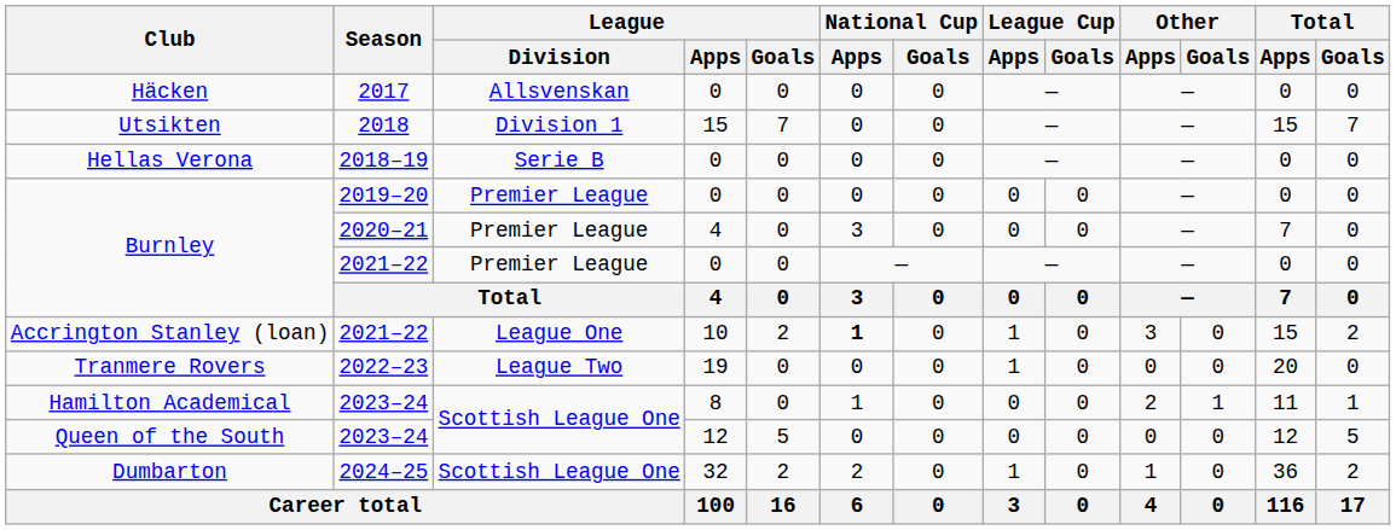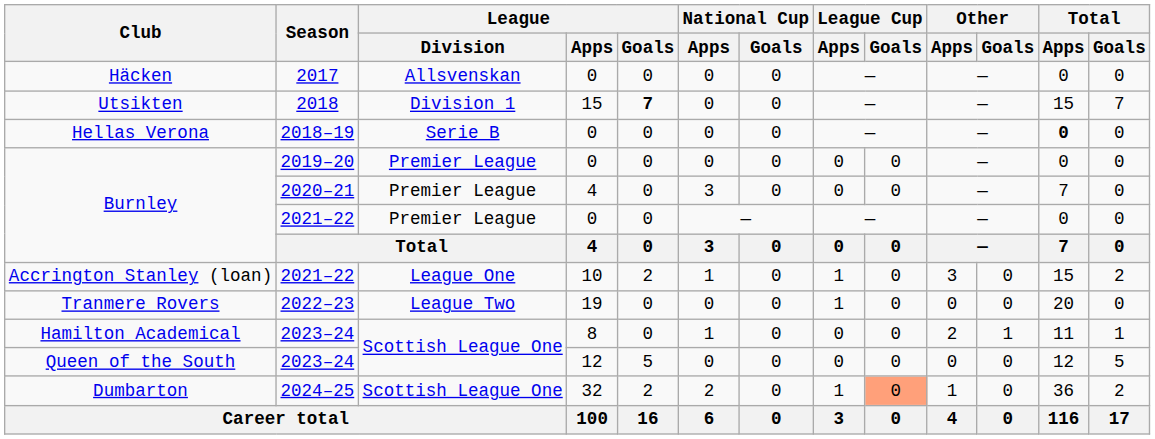 <table class="wikitable" style="text-align:center">
 <tr>
 <th rowspan="2">Club</th>
 <th rowspan="2">Season</th>
 <th colspan="3">League</th>
 <th colspan="2">National Cup</th>
 <th colspan="2">League Cup</th>
 <th colspan="2">Other</th>
 <th colspan="2">Total</th>
 </tr>
 <tr>
 <th>Division</th>
 <th>Apps</th>
 <th>Goals</th>
 <th>Apps</th>
 <th>Goals</th>
 <th>Apps</th>
 <th>Goals</th>
 <th>Apps</th>
 <th>Goals</th>
 <th>Apps</th>
 <th>Goals</th>
 </tr>
 <tr>
 <td><a href='#'>Häcken</a></td>
 <td><a href='#'>2017</a></td>
 <td><a href='#'>Allsvenskan</a></td>
 <td>0</td>
 <td>0</td>
 <td>0</td>
 <td>0</td>
 <td colspan="2">—</td>
 <td colspan="2">—</td>
 <td>0</td>
 <td>0</td>
 </tr>
 <tr>
 <td><a href='#'>Utsikten</a></td>
 <td><a href='#'>2018</a></td>
 <td><a href='#'>Division 1</a></td>
 <td>15</td>
-<td>7</td>
+<td><strong>7</strong></td>
 <td>0</td>
 <td>0</td>
 <td colspan=2>—</td>
 <td colspan="2">—</td>
 <td>15</td>
 <td>7</td>
 </tr>
 <tr>
 <td><a href='#'>Hellas Verona</a></td>
 <td><a href='#'>2018–19</a></td>
 <td><a href='#'>Serie B</a></td>
 <td>0</td>
 <td>0</td>
 <td>0</td>
 <td>0</td>
 <td colspan="2">—</td>
 <td colspan="2">—</td>
-<td>0</td>
+<td><strong>0</strong></td>
 <td>0</td>
 </tr>
 <tr>
 <td rowspan="4"><a href='#'>Burnley</a></td>
 <td><a href='#'>2019–20</a></td>
 <td><a href='#'>Premier League</a></td>
 <td>0</td>
 <td>0</td>
 <td>0</td>
 <td>0</td>
 <td>0</td>
 <td>0</td>
 <td colspan="2">—</td>
 <td>0</td>
 <td>0</td>
 </tr>
 <tr>
 <td><a href='#'>2020–21</a></td>
 <td>Premier League</td>
 <td>4</td>
 <td>0</td>
 <td>3</td>
 <td>0</td>
 <td>0</td>
 <td>0</td>
 <td colspan="2">—</td>
 <td>7</td>
 <td>0</td>
 </tr>
 <tr>
 <td><a href='#'>2021–22</a></td>
 <td>Premier League</td>
 <td>0</td>
 <td>0</td>
 <td colspan="2">—</td>
 <td colspan="2">—</td>
 <td colspan="2">—</td>
 <td>0</td>
 <td>0</td>
 </tr>
 <tr>
 <th colspan=2>Total</th>
 <th>4</th>
 <th>0</th>
 <th>3</th>
 <th>0</th>
 <th>0</th>
 <th>0</th>
 <th colspan=2>—</th>
 <th>7</th>
 <th>0</th>
 </tr>
 <tr>
 <td><a href='#'>Accrington Stanley</a> (loan)</td>
 <td><a href='#'>2021–22</a></td>
 <td><a href='#'>League One</a></td>
 <td>10</td>
 <td>2</td>
-<td><strong>1</strong></td>
+<td>1</td>
 <td>0</td>
 <td>1</td>
 <td>0</td>
 <td>3</td>
 <td>0</td>
 <td>15</td>
 <td>2</td>
 </tr>
 <tr>
 <td><a href='#'>Tranmere Rovers</a></td>
 <td><a href='#'>2022–23</a></td>
 <td><a href='#'>League Two</a></td>
 <td>19</td>
 <td>0</td>
 <td>0</td>
 <td>0</td>
 <td>1</td>
 <td>0</td>
 <td>0</td>
 <td>0</td>
 <td>20</td>
 <td>0</td>
 </tr>
 <tr>
 <td><a href='#'>Hamilton Academical</a></td>
 <td><a href='#'>2023–24</a></td>
 <td rowspan="2"><a href='#'>Scottish League One</a></td>
 <td>8</td>
 <td>0</td>
 <td>1</td>
 <td>0</td>
 <td>0</td>
 <td>0</td>
 <td>2</td>
 <td>1</td>
 <td>11</td>
 <td>1</td>
 </tr>
 <tr>
 <td><a href='#'>Queen of the South</a></td>
 <td><a href='#'>2023–24</a></td>
 <td>12</td>
 <td>5</td>
 <td>0</td>
 <td>0</td>
 <td>0</td>
 <td>0</td>
 <td>0</td>
 <td>0</td>
 <td>12</td>
 <td>5</td>
 </tr>
 <tr>
 <td><a href='#'>Dumbarton</a></td>
 <td><a href='#'>2024–25</a></td>
 <td><a href='#'>Scottish League One</a></td>
 <td>32</td>
 <td>2</td>
 <td>2</td>
 <td>0</td>
 <td>1</td>
-<td>0</td>
+<td style="background: lightsalmon;">0</td>
 <td>1</td>
 <td>0</td>
 <td>36</td>
 <td>2</td>
 </tr>
 <tr>
 <th colspan="3">Career total</th>
 <th>100</th>
 <th>16</th>
 <th>6</th>
 <th>0</th>
 <th>3</th>
 <th>0</th>
 <th>4</th>
 <th>0</th>
 <th>116</th>
 <th>17</th>
 </tr>
 </table>
